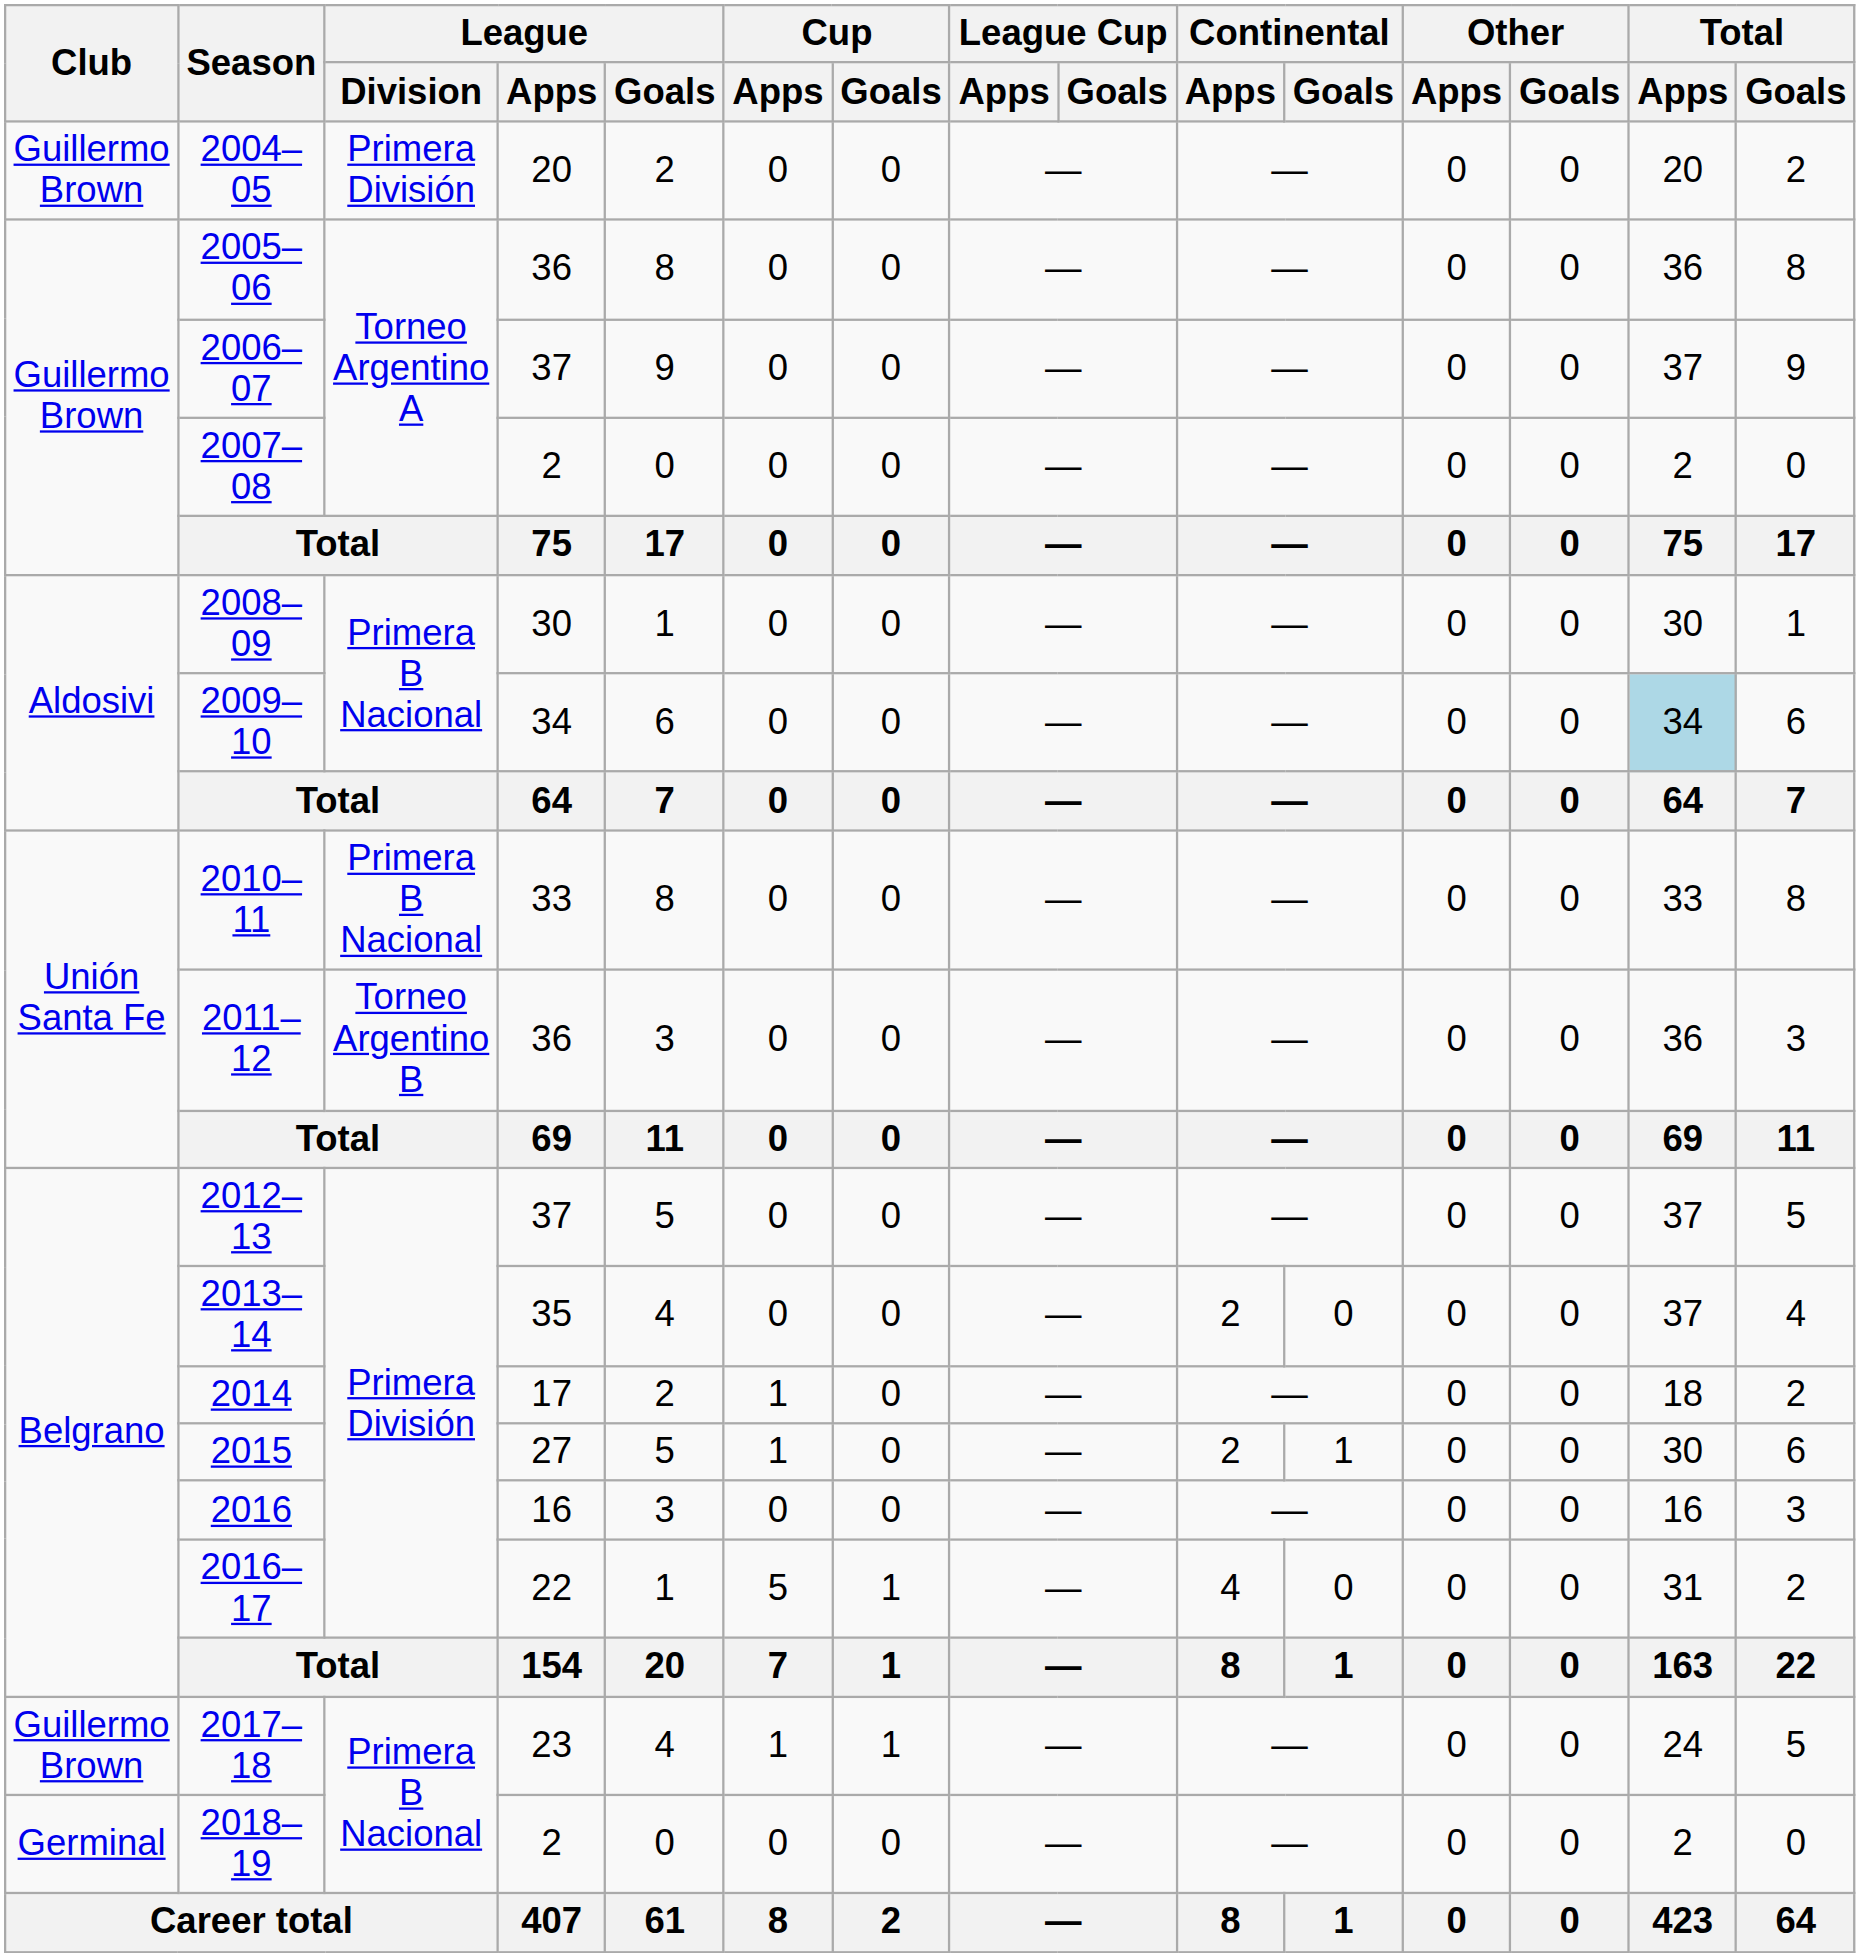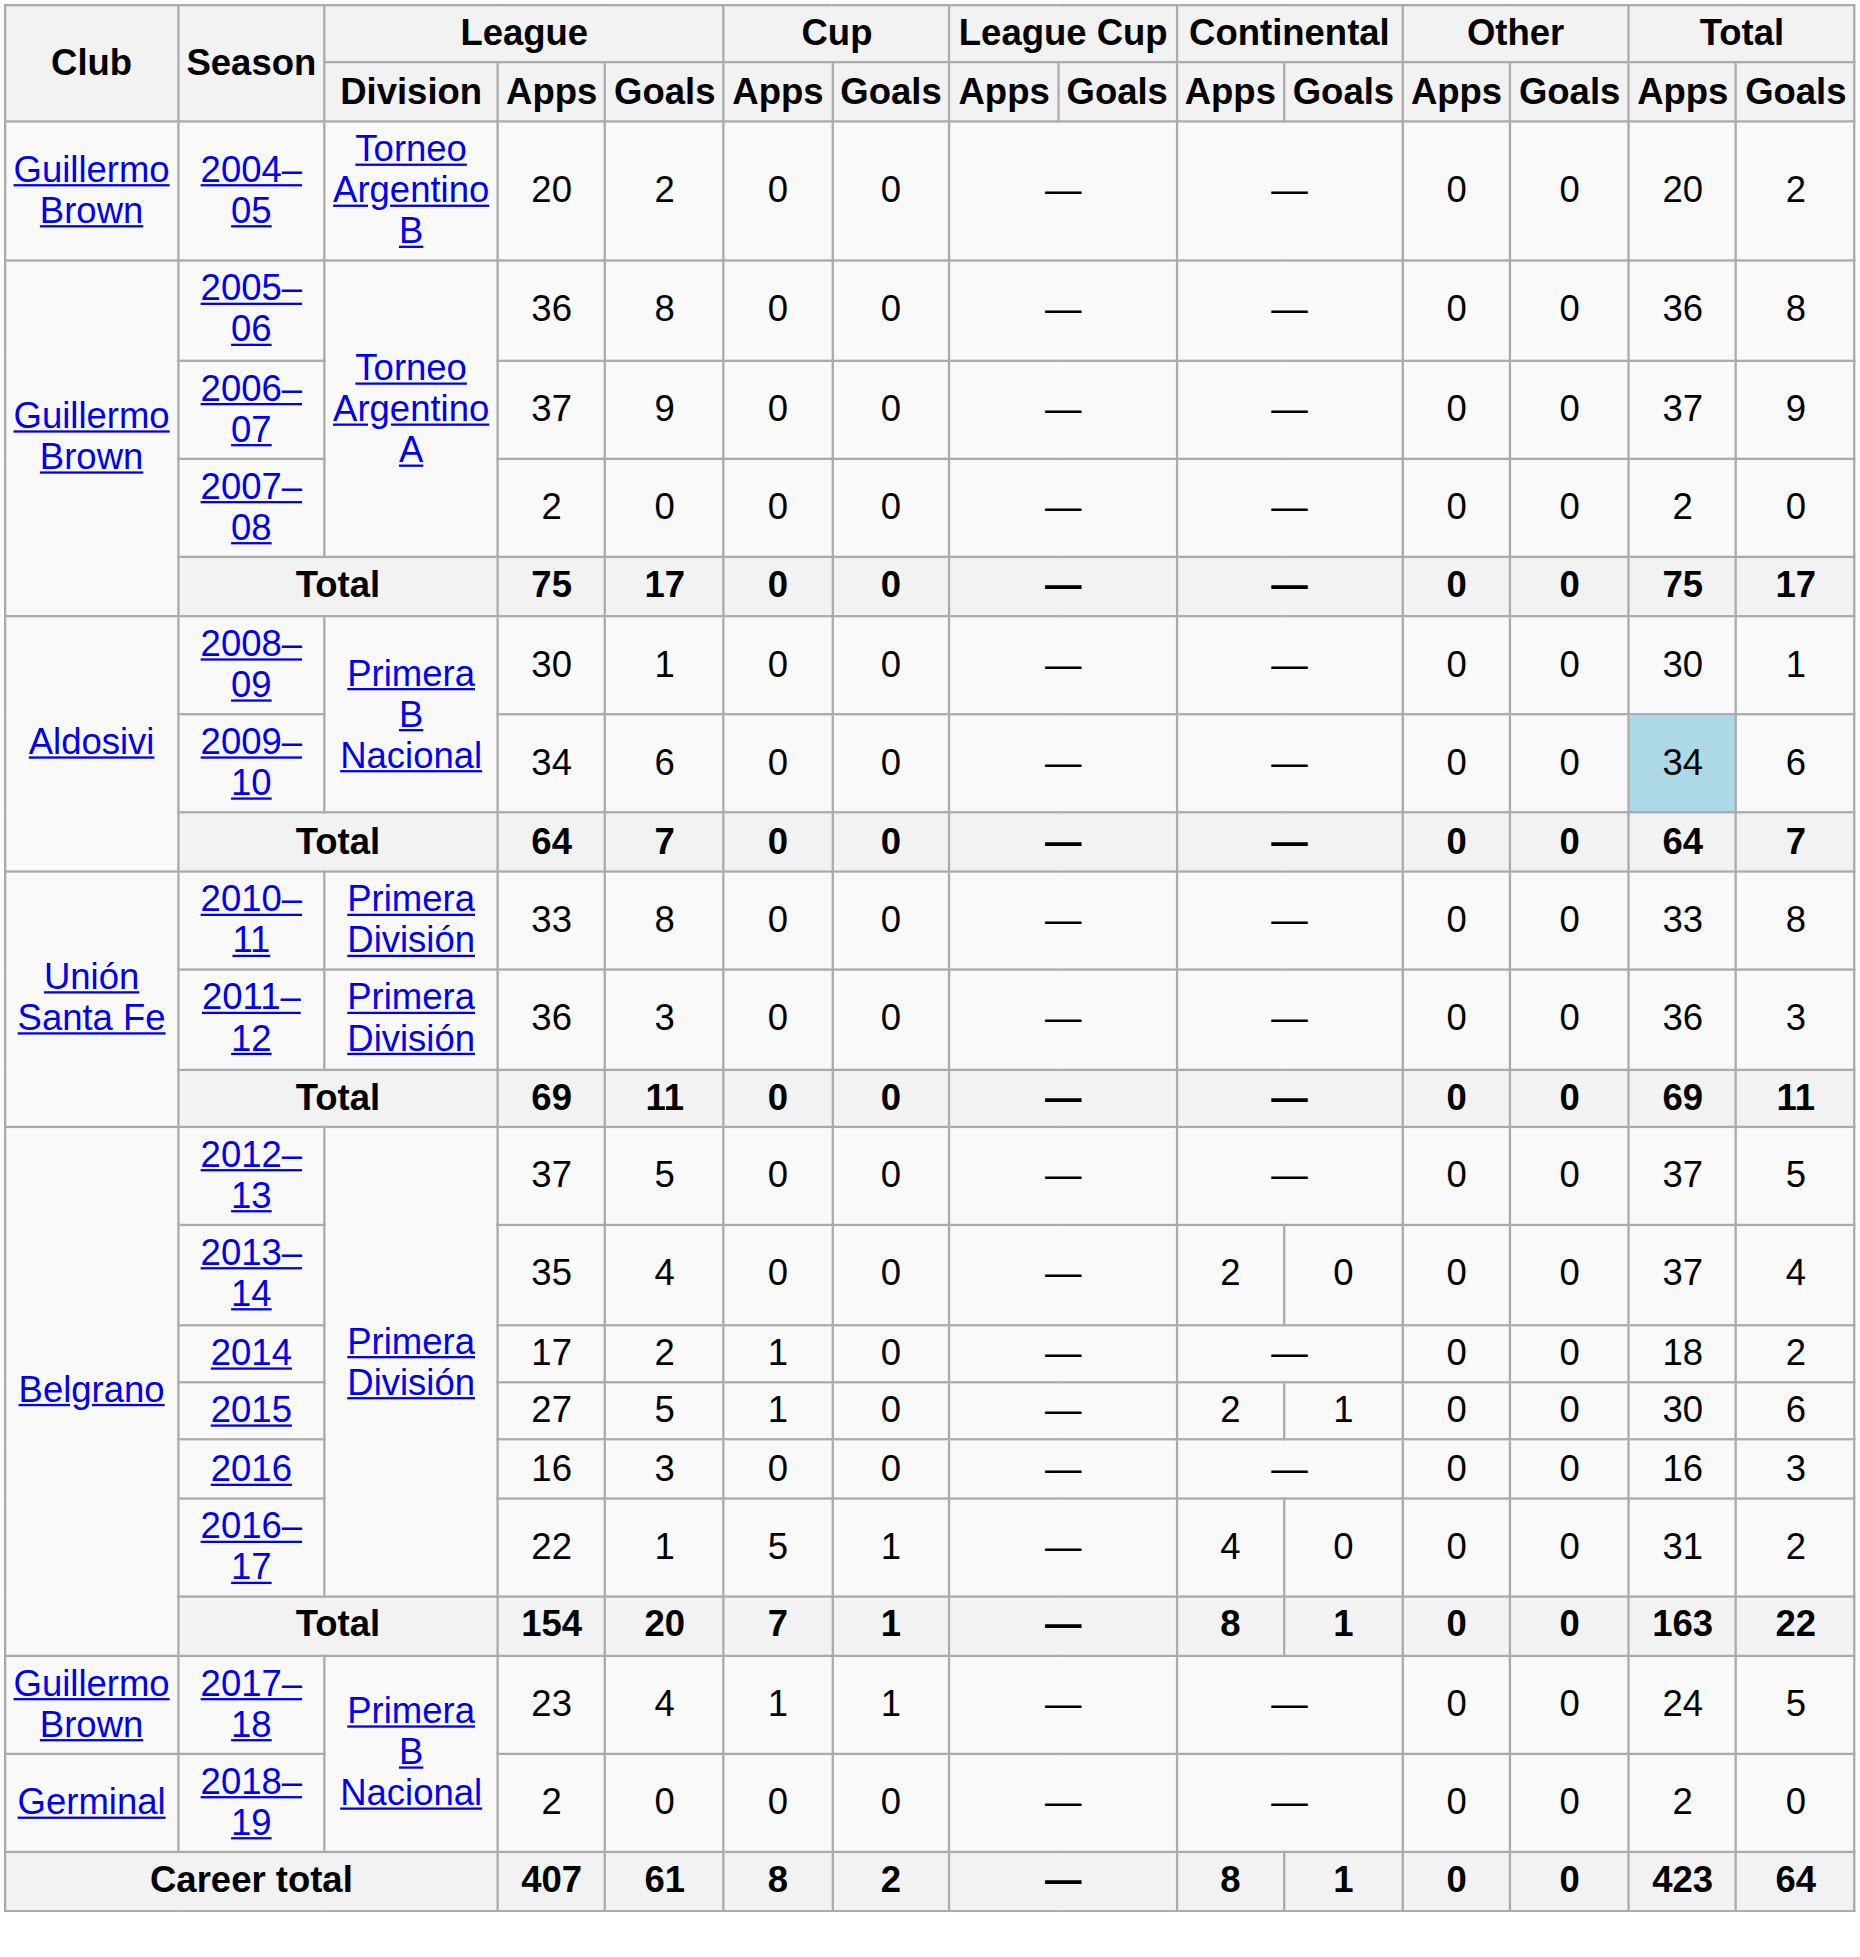 <table class="wikitable" style="text-align:center">
 <tr>
 <th rowspan="2">Club</th>
 <th rowspan="2">Season</th>
 <th colspan="3">League</th>
 <th colspan="2">Cup</th>
 <th colspan="2">League Cup</th>
 <th colspan="2">Continental</th>
 <th colspan="2">Other</th>
 <th colspan="2">Total</th>
 </tr>
 <tr>
 <th>Division</th>
 <th>Apps</th>
 <th>Goals</th>
 <th>Apps</th>
 <th>Goals</th>
 <th>Apps</th>
 <th>Goals</th>
 <th>Apps</th>
 <th>Goals</th>
 <th>Apps</th>
 <th>Goals</th>
 <th>Apps</th>
 <th>Goals</th>
 </tr>
 <tr>
 <td rowspan="1"><a href='#'>Guillermo Brown</a></td>
 <td><a href='#'>2004–05</a></td>
-<td rowspan="1"><a href='#'>Primera División</a></td>
+<td rowspan="1"><a href='#'>Torneo Argentino B</a></td>
 <td>20</td>
 <td>2</td>
 <td>0</td>
 <td>0</td>
 <td colspan="2">—</td>
 <td colspan="2">—</td>
 <td>0</td>
 <td>0</td>
 <td>20</td>
 <td>2</td>
 </tr>
 <tr>
 <td rowspan="4"><a href='#'>Guillermo Brown</a></td>
 <td><a href='#'>2005–06</a></td>
 <td rowspan="3"><a href='#'>Torneo Argentino A</a></td>
 <td>36</td>
 <td>8</td>
 <td>0</td>
 <td>0</td>
 <td colspan="2">—</td>
 <td colspan="2">—</td>
 <td>0</td>
 <td>0</td>
 <td>36</td>
 <td>8</td>
 </tr>
 <tr>
 <td><a href='#'>2006–07</a></td>
 <td>37</td>
 <td>9</td>
 <td>0</td>
 <td>0</td>
 <td colspan="2">—</td>
 <td colspan="2">—</td>
 <td>0</td>
 <td>0</td>
 <td>37</td>
 <td>9</td>
 </tr>
 <tr>
 <td><a href='#'>2007–08</a></td>
 <td>2</td>
 <td>0</td>
 <td>0</td>
 <td>0</td>
 <td colspan="2">—</td>
 <td colspan="2">—</td>
 <td>0</td>
 <td>0</td>
 <td>2</td>
 <td>0</td>
 </tr>
 <tr>
 <th colspan="2">Total</th>
 <th>75</th>
 <th>17</th>
 <th>0</th>
 <th>0</th>
 <th colspan="2">—</th>
 <th colspan="2">—</th>
 <th>0</th>
 <th>0</th>
 <th>75</th>
 <th>17</th>
 </tr>
 <tr>
 <td rowspan="3"><a href='#'>Aldosivi</a></td>
 <td><a href='#'>2008–09</a></td>
 <td rowspan="2"><a href='#'>Primera B Nacional</a></td>
 <td>30</td>
 <td>1</td>
 <td>0</td>
 <td>0</td>
 <td colspan="2">—</td>
 <td colspan="2">—</td>
 <td>0</td>
 <td>0</td>
 <td>30</td>
 <td>1</td>
 </tr>
 <tr>
 <td><a href='#'>2009–10</a></td>
 <td>34</td>
 <td>6</td>
 <td>0</td>
 <td>0</td>
 <td colspan="2">—</td>
 <td colspan="2">—</td>
 <td>0</td>
 <td>0</td>
 <td style="background: lightblue;">34</td>
 <td>6</td>
 </tr>
 <tr>
 <th colspan="2">Total</th>
 <th>64</th>
 <th>7</th>
 <th>0</th>
 <th>0</th>
 <th colspan="2">—</th>
 <th colspan="2">—</th>
 <th>0</th>
 <th>0</th>
 <th>64</th>
 <th>7</th>
 </tr>
 <tr>
 <td rowspan="3"><a href='#'>Unión Santa Fe</a></td>
 <td><a href='#'>2010–11</a></td>
-<td rowspan="1"><a href='#'>Primera B Nacional</a></td>
+<td rowspan="1"><a href='#'>Primera División</a></td>
 <td>33</td>
 <td>8</td>
 <td>0</td>
 <td>0</td>
 <td colspan="2">—</td>
 <td colspan="2">—</td>
 <td>0</td>
 <td>0</td>
 <td>33</td>
 <td>8</td>
 </tr>
 <tr>
 <td><a href='#'>2011–12</a></td>
-<td rowspan="1"><a href='#'>Torneo Argentino B</a></td>
+<td rowspan="1"><a href='#'>Primera División</a></td>
 <td>36</td>
 <td>3</td>
 <td>0</td>
 <td>0</td>
 <td colspan="2">—</td>
 <td colspan="2">—</td>
 <td>0</td>
 <td>0</td>
 <td>36</td>
 <td>3</td>
 </tr>
 <tr>
 <th colspan="2">Total</th>
 <th>69</th>
 <th>11</th>
 <th>0</th>
 <th>0</th>
 <th colspan="2">—</th>
 <th colspan="2">—</th>
 <th>0</th>
 <th>0</th>
 <th>69</th>
 <th>11</th>
 </tr>
 <tr>
 <td rowspan="7"><a href='#'>Belgrano</a></td>
 <td><a href='#'>2012–13</a></td>
 <td rowspan="6"><a href='#'>Primera División</a></td>
 <td>37</td>
 <td>5</td>
 <td>0</td>
 <td>0</td>
 <td colspan="2">—</td>
 <td colspan="2">—</td>
 <td>0</td>
 <td>0</td>
 <td>37</td>
 <td>5</td>
 </tr>
 <tr>
 <td><a href='#'>2013–14</a></td>
 <td>35</td>
 <td>4</td>
 <td>0</td>
 <td>0</td>
 <td colspan="2">—</td>
 <td>2</td>
 <td>0</td>
 <td>0</td>
 <td>0</td>
 <td>37</td>
 <td>4</td>
 </tr>
 <tr>
 <td><a href='#'>2014</a></td>
 <td>17</td>
 <td>2</td>
 <td>1</td>
 <td>0</td>
 <td colspan="2">—</td>
 <td colspan="2">—</td>
 <td>0</td>
 <td>0</td>
 <td>18</td>
 <td>2</td>
 </tr>
 <tr>
 <td><a href='#'>2015</a></td>
 <td>27</td>
 <td>5</td>
 <td>1</td>
 <td>0</td>
 <td colspan="2">—</td>
 <td>2</td>
 <td>1</td>
 <td>0</td>
 <td>0</td>
 <td>30</td>
 <td>6</td>
 </tr>
 <tr>
 <td><a href='#'>2016</a></td>
 <td>16</td>
 <td>3</td>
 <td>0</td>
 <td>0</td>
 <td colspan="2">—</td>
 <td colspan="2">—</td>
 <td>0</td>
 <td>0</td>
 <td>16</td>
 <td>3</td>
 </tr>
 <tr>
 <td><a href='#'>2016–17</a></td>
 <td>22</td>
 <td>1</td>
 <td>5</td>
 <td>1</td>
 <td colspan="2">—</td>
 <td>4</td>
 <td>0</td>
 <td>0</td>
 <td>0</td>
 <td>31</td>
 <td>2</td>
 </tr>
 <tr>
 <th colspan="2">Total</th>
 <th>154</th>
 <th>20</th>
 <th>7</th>
 <th>1</th>
 <th colspan="2">—</th>
 <th>8</th>
 <th>1</th>
 <th>0</th>
 <th>0</th>
 <th>163</th>
 <th>22</th>
 </tr>
 <tr>
 <td rowspan="1"><a href='#'>Guillermo Brown</a></td>
 <td><a href='#'>2017–18</a></td>
 <td rowspan="2"><a href='#'>Primera B Nacional</a></td>
 <td>23</td>
 <td>4</td>
 <td>1</td>
 <td>1</td>
 <td colspan="2">—</td>
 <td colspan="2">—</td>
 <td>0</td>
 <td>0</td>
 <td>24</td>
 <td>5</td>
 </tr>
 <tr>
 <td rowspan="1"><a href='#'>Germinal</a></td>
 <td><a href='#'>2018–19</a></td>
 <td>2</td>
 <td>0</td>
 <td>0</td>
 <td>0</td>
 <td colspan="2">—</td>
 <td colspan="2">—</td>
 <td>0</td>
 <td>0</td>
 <td>2</td>
 <td>0</td>
 </tr>
 <tr>
 <th colspan="3">Career total</th>
 <th>407</th>
 <th>61</th>
 <th>8</th>
 <th>2</th>
 <th colspan="2">—</th>
 <th>8</th>
 <th>1</th>
 <th>0</th>
 <th>0</th>
 <th>423</th>
 <th>64</th>
 </tr>
 </table>
